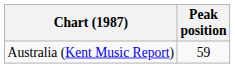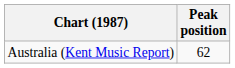 <table class="wikitable">
 <tr>
 <th scope="col">Chart (1987)</th>
 <th>Peak<br>position</th>
 </tr>
 <tr>
 <td>Australia (<a href='#'>Kent Music Report</a>)</td>
-<td style="text-align:center;">59</td>
+<td style="text-align:center;">62</td>
 </tr>
 </table>
